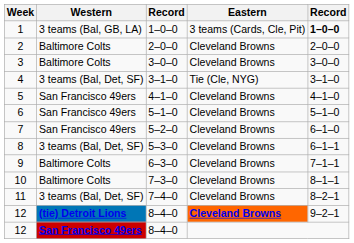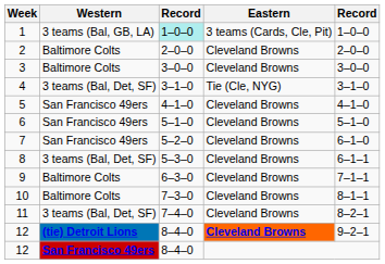 <table class="wikitable">
 <tr>
 <th>Week</th>
 <th>Western</th>
 <th>Record</th>
 <th>Eastern</th>
 <th>Record</th>
 </tr>
 <tr>
 <td align=center>1</td>
 <td>3 teams (Bal, GB, LA)</td>
+<td style="background: paleturquoise;">1–0–0</td>
+<td>3 teams (Cards, Cle, Pit)</td>
 <td>1–0–0</td>
-<td>3 teams (Cards, Cle, Pit)</td>
-<td><strong>1–0–0</strong></td>
 </tr>
 <tr>
 <td align=center>2</td>
 <td>Baltimore Colts</td>
 <td>2–0–0</td>
 <td>Cleveland Browns</td>
 <td>2–0–0</td>
 </tr>
 <tr>
 <td align=center>3</td>
 <td>Baltimore Colts</td>
 <td>3–0–0</td>
 <td>Cleveland Browns</td>
 <td>3–0–0</td>
 </tr>
 <tr>
 <td align=center>4</td>
 <td>3 teams (Bal, Det, SF)</td>
 <td>3–1–0</td>
 <td>Tie (Cle, NYG)</td>
 <td>3–1–0</td>
 </tr>
 <tr>
 <td align=center>5</td>
 <td>San Francisco 49ers</td>
 <td>4–1–0</td>
 <td>Cleveland Browns</td>
 <td>4–1–0</td>
 </tr>
 <tr>
 <td align=center>6</td>
 <td>San Francisco 49ers</td>
 <td>5–1–0</td>
 <td>Cleveland Browns</td>
 <td>5–1–0</td>
 </tr>
 <tr>
 <td align=center>7</td>
 <td>San Francisco 49ers</td>
 <td>5–2–0</td>
 <td>Cleveland Browns</td>
 <td>6–1–0</td>
 </tr>
 <tr>
 <td align=center>8</td>
 <td>3 teams (Bal, Det, SF)</td>
 <td>5–3–0</td>
 <td>Cleveland Browns</td>
 <td>6–1–1</td>
 </tr>
 <tr>
 <td align=center>9</td>
 <td>Baltimore Colts</td>
 <td>6–3–0</td>
 <td>Cleveland Browns</td>
 <td>7–1–1</td>
 </tr>
 <tr>
 <td align=center>10</td>
 <td>Baltimore Colts</td>
 <td>7–3–0</td>
 <td>Cleveland Browns</td>
 <td>8–1–1</td>
 </tr>
 <tr>
 <td align=center>11</td>
 <td>3 teams (Bal, Det, SF)</td>
 <td>7–4–0</td>
 <td>Cleveland Browns</td>
 <td>8–2–1</td>
 </tr>
 <tr>
 <td align=center>12</td>
 <td bgcolor="#0076B6"><strong><a href='#'><span>(tie) Detroit Lions</span></a></strong></td>
 <td>8–4–0</td>
 <td bgcolor="#FF6600"><strong><a href='#'><span>Cleveland Browns</span></a></strong></td>
 <td>9–2–1</td>
 </tr>
 <tr>
 <td align=center>12</td>
 <td bgcolor="#CC0000"><strong><a href='#'><span>San Francisco 49ers</span></a></strong></td>
 <td>8–4–0</td>
 </tr>
 </table>
